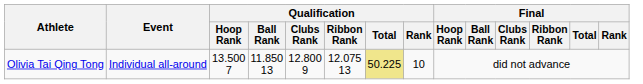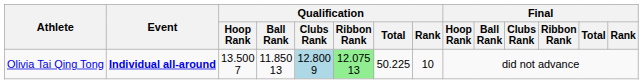 <table class=wikitable style="font-size:90%">
 <tr>
 <th rowspan=2>Athlete</th>
 <th rowspan=2>Event</th>
 <th colspan=6>Qualification</th>
 <th colspan=6>Final</th>
 </tr>
 <tr style="font-size:95%">
 <th>Hoop<br>Rank</th>
 <th>Ball<br>Rank</th>
 <th>Clubs<br>Rank</th>
 <th>Ribbon<br>Rank</th>
 <th>Total</th>
 <th>Rank</th>
 <th>Hoop<br>Rank</th>
 <th>Ball<br>Rank</th>
 <th>Clubs<br>Rank</th>
 <th>Ribbon<br>Rank</th>
 <th>Total</th>
 <th>Rank</th>
 </tr>
 <tr align=center>
 <td align=left><a href='#'>Olivia Tai Qing Tong</a></td>
-<td align=left><a href='#'>Individual all-around</a></td>
+<td align=left><strong><a href='#'>Individual all-around</a></strong></td>
 <td>13.500<br>7</td>
 <td>11.850<br>13</td>
-<td>12.800<br>9</td>
-<td>12.075<br>13</td>
-<td style="background: khaki;">50.225</td>
+<td style="background: lightblue;">12.800<br>9</td>
+<td style="background: lightgreen;">12.075<br>13</td>
+<td>50.225</td>
 <td>10</td>
 <td colspan=6>did not advance</td>
 </tr>
 </table>
